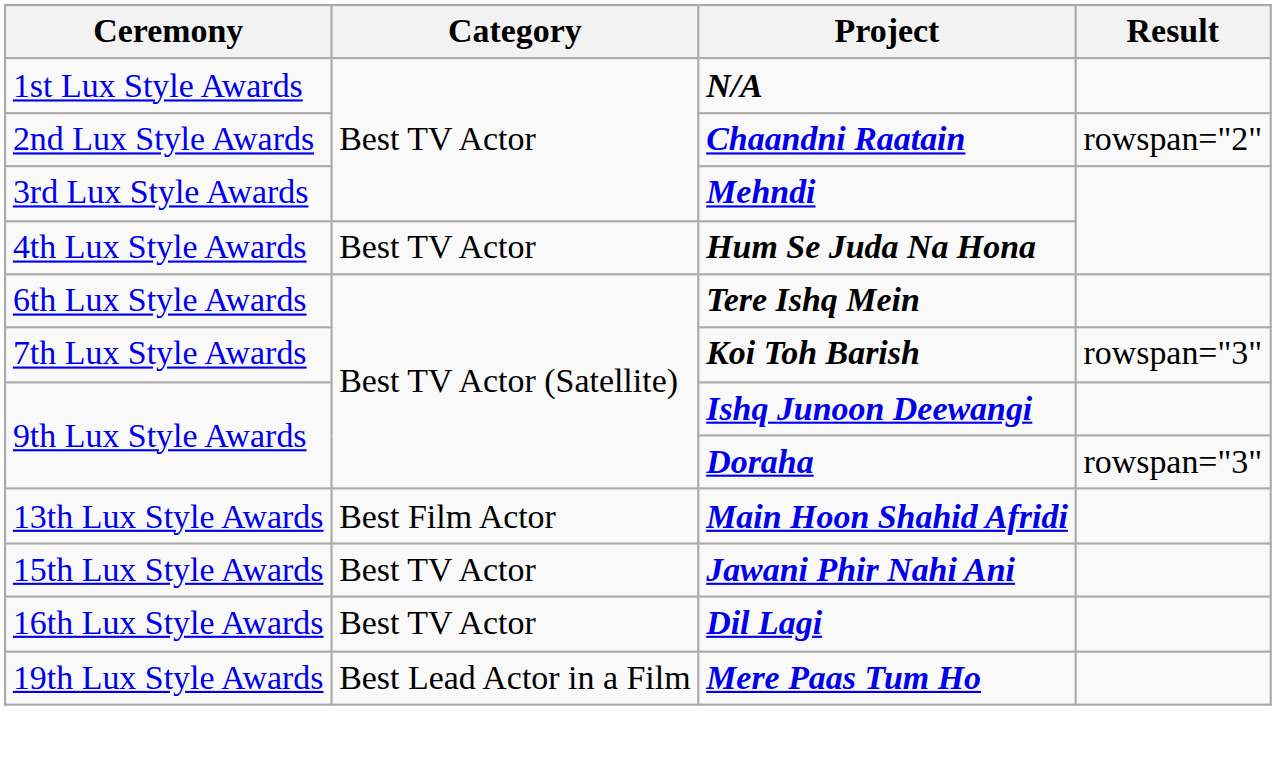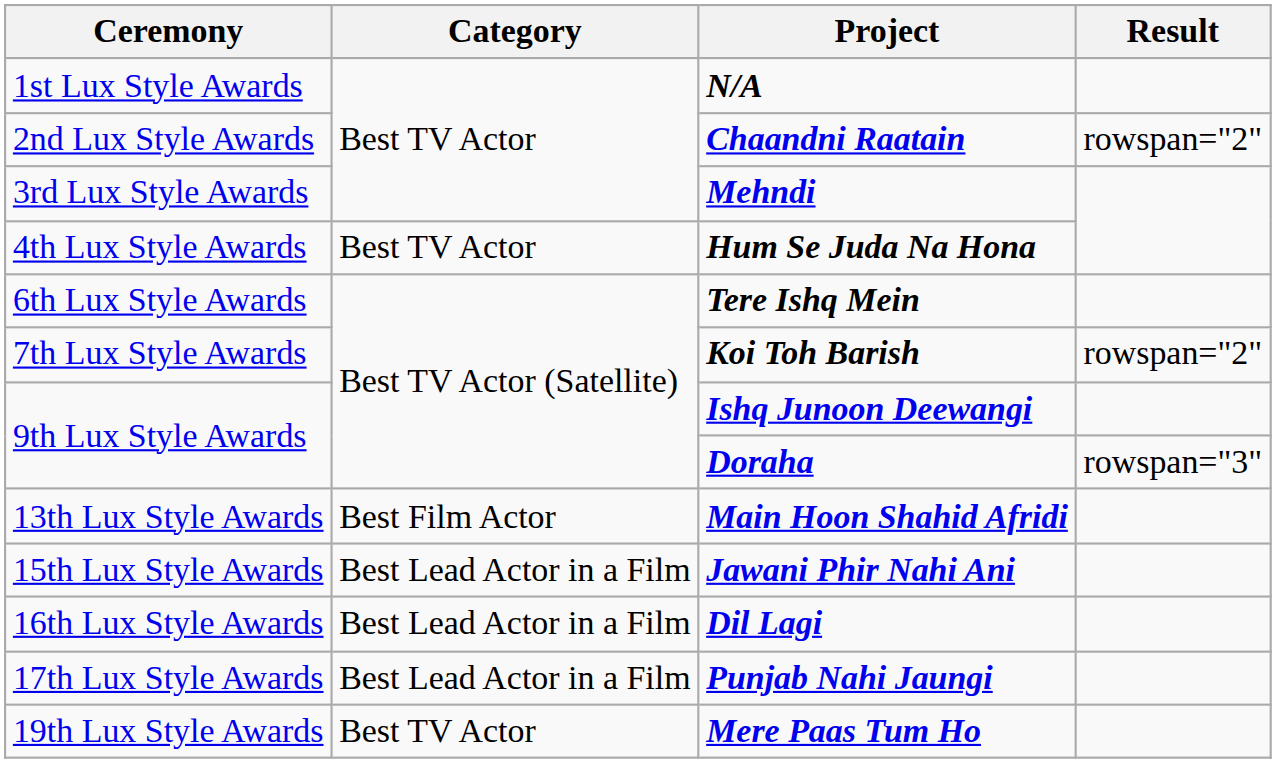 <table class="wikitable style">
 <tr>
 <th>Ceremony</th>
 <th>Category</th>
 <th>Project</th>
 <th>Result</th>
 </tr>
 <tr>
 <td><a href='#'>1st Lux Style Awards</a></td>
 <td rowspan="3">Best TV Actor</td>
 <td><strong><em>N/A</em></strong></td>
 <td></td>
 </tr>
 <tr>
 <td><a href='#'>2nd Lux Style Awards</a></td>
 <td><strong><em><a href='#'>Chaandni Raatain</a></em></strong></td>
 <td>rowspan="2" </td>
 </tr>
 <tr>
 <td><a href='#'>3rd Lux Style Awards</a></td>
 <td><strong><em><a href='#'>Mehndi</a></em></strong></td>
 </tr>
 <tr>
 <td><a href='#'>4th Lux Style Awards</a></td>
 <td>Best TV Actor</td>
 <td><strong><em>Hum Se Juda Na Hona</em></strong></td>
 </tr>
 <tr>
 <td><a href='#'>6th Lux Style Awards</a></td>
 <td rowspan="4">Best TV Actor (Satellite)</td>
 <td><strong><em>Tere Ishq Mein</em></strong></td>
 <td></td>
 </tr>
 <tr>
 <td><a href='#'>7th Lux Style Awards</a></td>
 <td><strong><em>Koi Toh Barish</em></strong></td>
-<td>rowspan="3" </td>
+<td>rowspan="2" </td>
 </tr>
 <tr>
 <td rowspan="2"><a href='#'>9th Lux Style Awards</a></td>
 <td><strong><em><a href='#'>Ishq Junoon Deewangi</a></em></strong></td>
 </tr>
 <tr>
 <td><strong><em><a href='#'>Doraha</a></em></strong></td>
 <td>rowspan="3" </td>
 </tr>
 <tr>
 <td><a href='#'>13th Lux Style Awards</a></td>
 <td>Best Film Actor</td>
 <td><strong><em><a href='#'>Main Hoon Shahid Afridi</a></em></strong></td>
 </tr>
 <tr>
 <td><a href='#'>15th Lux Style Awards</a></td>
-<td>Best TV Actor</td>
+<td>Best Lead Actor in a Film</td>
 <td><strong><em><a href='#'>Jawani Phir Nahi Ani</a></em></strong></td>
 <td></td>
 </tr>
 <tr>
 <td><a href='#'>16th Lux Style Awards</a></td>
-<td>Best TV Actor</td>
+<td>Best Lead Actor in a Film</td>
 <td><strong><em><a href='#'>Dil Lagi</a></em></strong></td>
 <td></td>
 </tr>
 <tr>
+<td><a href='#'>17th Lux Style Awards</a></td>
+<td>Best Lead Actor in a Film</td>
+<td><strong><em><a href='#'>Punjab Nahi Jaungi</a></em></strong></td>
+<td></td>
+</tr>
+<tr>
 <td><a href='#'>19th Lux Style Awards</a></td>
-<td>Best Lead Actor in a Film</td>
+<td>Best TV Actor</td>
 <td><strong><em><a href='#'>Mere Paas Tum Ho</a></em></strong></td>
 <td></td>
 </tr>
 </table>
